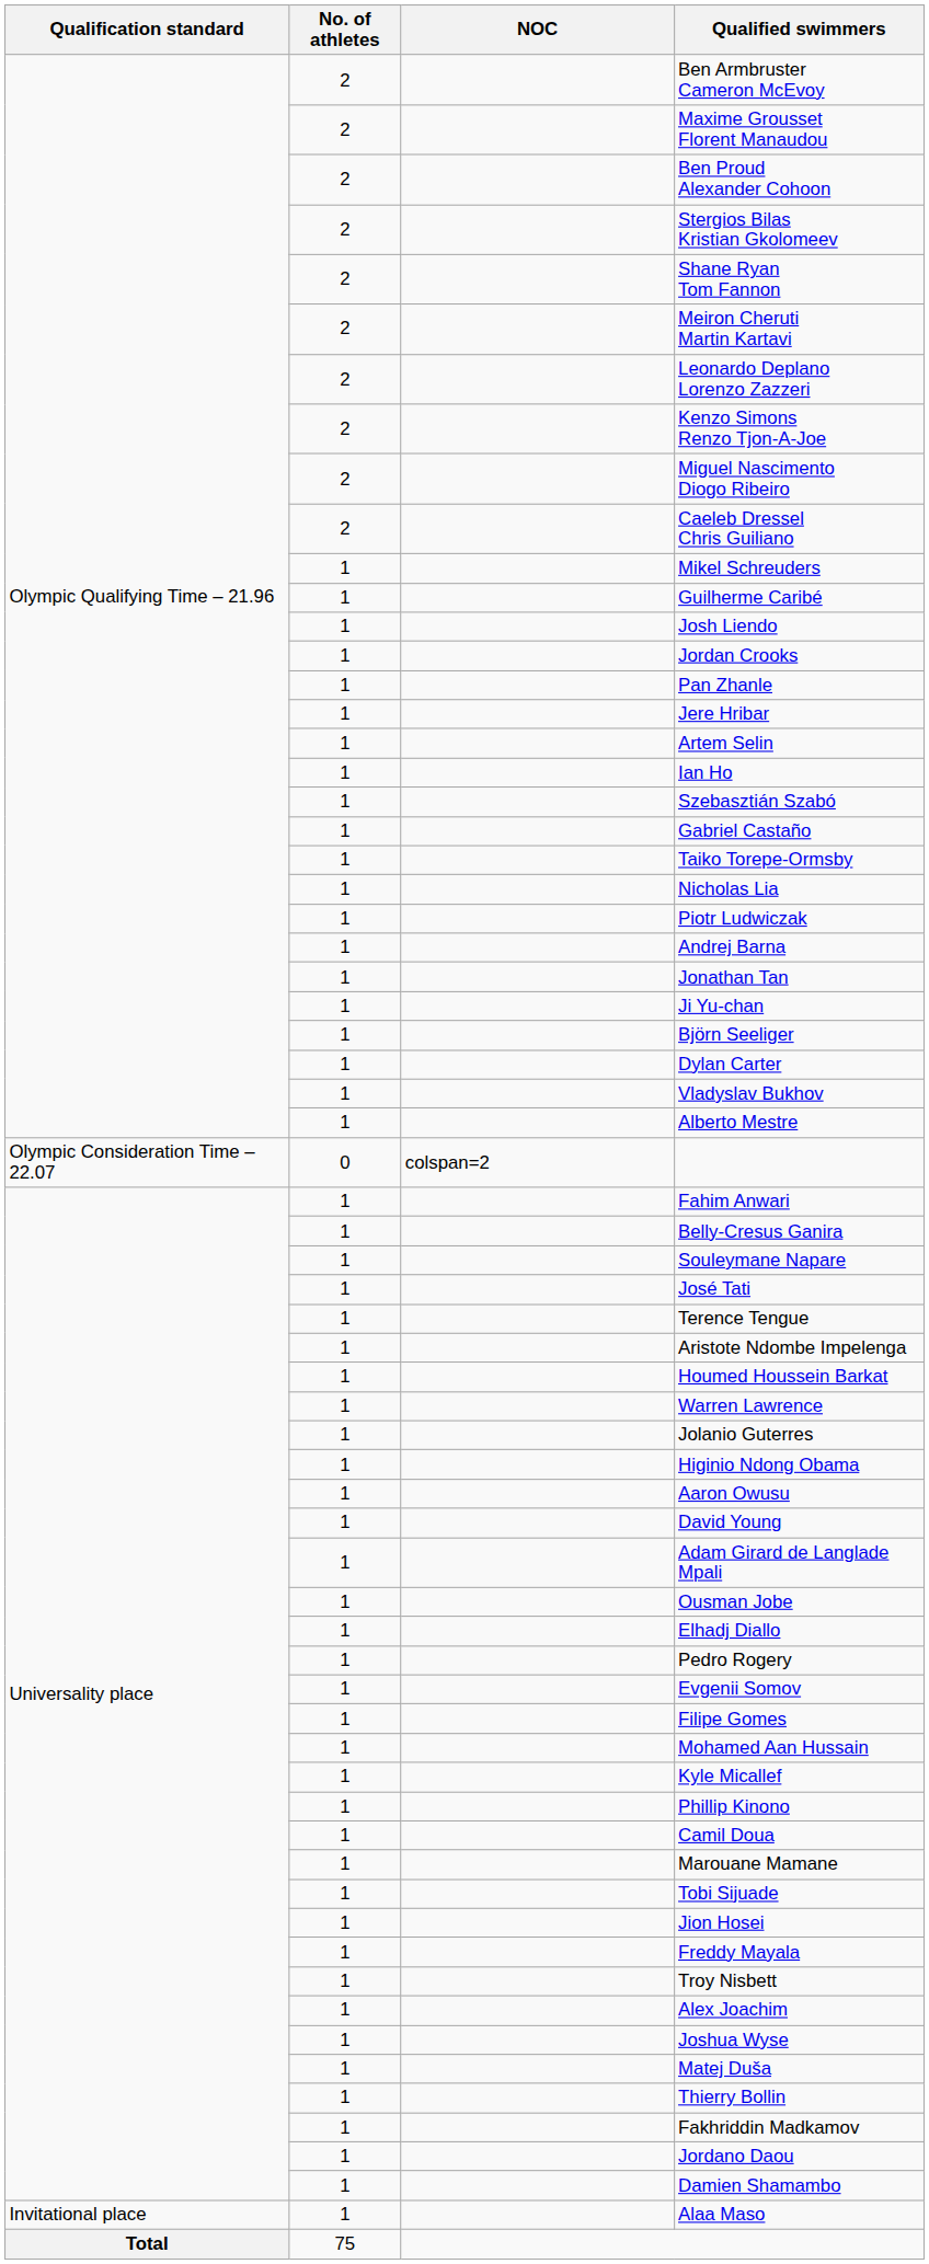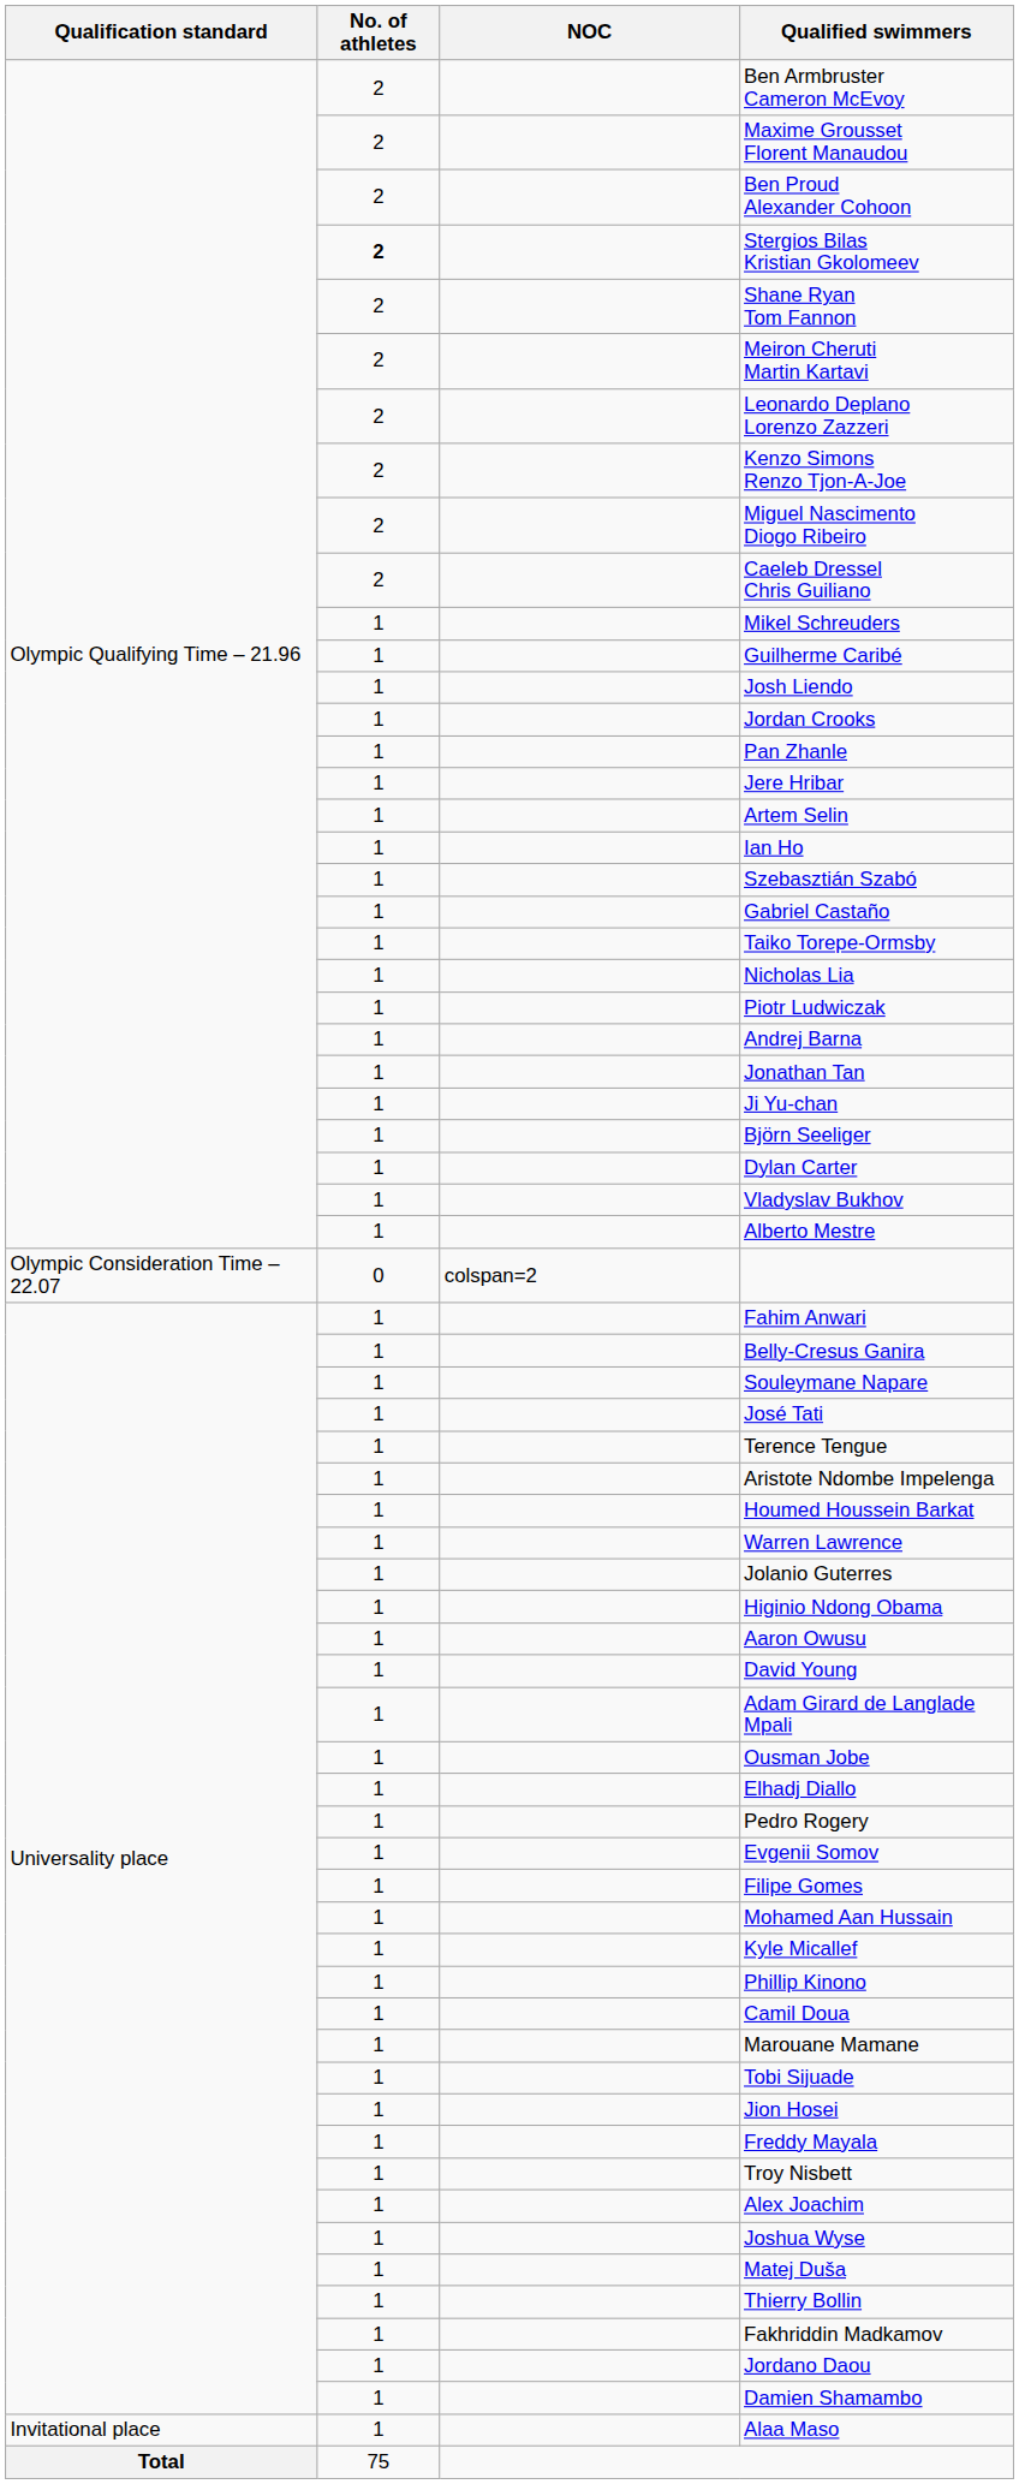 <table class=wikitable style="text-align:left" width=800>
 <tr>
 <th scope="col">Qualification standard</th>
 <th scope="col" width =90>No. of athletes</th>
 <th scope="col" width =230>NOC</th>
 <th scope="col">Qualified swimmers</th>
 </tr>
 <tr>
 <td rowspan=30>Olympic Qualifying Time – 21.96</td>
 <td align=center>2</td>
 <td></td>
 <td>Ben Armbruster<br><a href='#'>Cameron McEvoy</a></td>
 </tr>
 <tr>
 <td align=center>2</td>
 <td></td>
 <td><a href='#'>Maxime Grousset</a><br><a href='#'>Florent Manaudou</a></td>
 </tr>
 <tr>
 <td align=center>2</td>
 <td></td>
 <td><a href='#'>Ben Proud</a><br><a href='#'>Alexander Cohoon</a></td>
 </tr>
 <tr>
-<td align=center>2</td>
+<td align=center><strong>2</strong></td>
 <td></td>
 <td><a href='#'>Stergios Bilas</a><br><a href='#'>Kristian Gkolomeev</a></td>
 </tr>
 <tr>
 <td align=center>2</td>
 <td></td>
 <td><a href='#'>Shane Ryan</a><br><a href='#'>Tom Fannon</a></td>
 </tr>
 <tr>
 <td align=center>2</td>
 <td></td>
 <td><a href='#'>Meiron Cheruti</a><br><a href='#'>Martin Kartavi</a></td>
 </tr>
 <tr>
 <td align=center>2</td>
 <td></td>
 <td><a href='#'>Leonardo Deplano</a><br><a href='#'>Lorenzo Zazzeri</a></td>
 </tr>
 <tr>
 <td align=center>2</td>
 <td></td>
 <td><a href='#'>Kenzo Simons</a><br><a href='#'>Renzo Tjon-A-Joe</a></td>
 </tr>
 <tr>
 <td align=center>2</td>
 <td></td>
 <td><a href='#'>Miguel Nascimento</a><br><a href='#'>Diogo Ribeiro</a></td>
 </tr>
 <tr>
 <td align=center>2</td>
 <td></td>
 <td><a href='#'>Caeleb Dressel</a><br><a href='#'>Chris Guiliano</a></td>
 </tr>
 <tr>
 <td align=center>1</td>
 <td></td>
 <td><a href='#'>Mikel Schreuders</a></td>
 </tr>
 <tr>
 <td align=center>1</td>
 <td></td>
 <td><a href='#'>Guilherme Caribé</a></td>
 </tr>
 <tr>
 <td align=center>1</td>
 <td></td>
 <td><a href='#'>Josh Liendo</a></td>
 </tr>
 <tr>
 <td align=center>1</td>
 <td></td>
 <td><a href='#'>Jordan Crooks</a></td>
 </tr>
 <tr>
 <td align=center>1</td>
 <td></td>
 <td><a href='#'>Pan Zhanle</a></td>
 </tr>
 <tr>
 <td align=center>1</td>
 <td></td>
 <td><a href='#'>Jere Hribar</a></td>
 </tr>
 <tr>
 <td align=center>1</td>
 <td></td>
 <td><a href='#'>Artem Selin</a></td>
 </tr>
 <tr>
 <td align=center>1</td>
 <td></td>
 <td><a href='#'>Ian Ho</a></td>
 </tr>
 <tr>
 <td align=center>1</td>
 <td></td>
 <td><a href='#'>Szebasztián Szabó</a></td>
 </tr>
 <tr>
 <td align=center>1</td>
 <td></td>
 <td><a href='#'>Gabriel Castaño</a></td>
 </tr>
 <tr>
 <td align=center>1</td>
 <td></td>
 <td><a href='#'>Taiko Torepe-Ormsby</a></td>
 </tr>
 <tr>
 <td align=center>1</td>
 <td></td>
 <td><a href='#'>Nicholas Lia</a></td>
 </tr>
 <tr>
 <td align=center>1</td>
 <td></td>
 <td><a href='#'>Piotr Ludwiczak</a></td>
 </tr>
 <tr>
 <td align=center>1</td>
 <td></td>
 <td><a href='#'>Andrej Barna</a></td>
 </tr>
 <tr>
 <td align=center>1</td>
 <td></td>
 <td><a href='#'>Jonathan Tan</a></td>
 </tr>
 <tr>
 <td align=center>1</td>
 <td></td>
 <td><a href='#'>Ji Yu-chan</a></td>
 </tr>
 <tr>
 <td align=center>1</td>
 <td></td>
 <td><a href='#'>Björn Seeliger</a></td>
 </tr>
 <tr>
 <td align=center>1</td>
 <td></td>
 <td><a href='#'>Dylan Carter</a></td>
 </tr>
 <tr>
 <td align=center>1</td>
 <td></td>
 <td><a href='#'>Vladyslav Bukhov</a></td>
 </tr>
 <tr>
 <td align=center>1</td>
 <td></td>
 <td><a href='#'>Alberto Mestre</a></td>
 </tr>
 <tr>
 <td>Olympic Consideration Time – 22.07</td>
 <td align=center>0</td>
 <td>colspan=2 </td>
 </tr>
 <tr>
 <td rowspan=34>Universality place</td>
 <td align=center>1</td>
 <td></td>
 <td><a href='#'>Fahim Anwari</a></td>
 </tr>
 <tr>
 <td align=center>1</td>
 <td></td>
 <td><a href='#'>Belly-Cresus Ganira</a></td>
 </tr>
 <tr>
 <td align=center>1</td>
 <td></td>
 <td><a href='#'>Souleymane Napare</a></td>
 </tr>
 <tr>
 <td align=center>1</td>
 <td></td>
 <td><a href='#'>José Tati</a></td>
 </tr>
 <tr>
 <td align=center>1</td>
 <td></td>
 <td>Terence Tengue</td>
 </tr>
 <tr>
 <td align=center>1</td>
 <td></td>
 <td>Aristote Ndombe Impelenga</td>
 </tr>
 <tr>
 <td align=center>1</td>
 <td></td>
 <td><a href='#'>Houmed Houssein Barkat</a></td>
 </tr>
 <tr>
 <td align=center>1</td>
 <td></td>
 <td><a href='#'>Warren Lawrence</a></td>
 </tr>
 <tr>
 <td align=center>1</td>
 <td></td>
 <td>Jolanio Guterres</td>
 </tr>
 <tr>
 <td align=center>1</td>
 <td></td>
 <td><a href='#'>Higinio Ndong Obama</a></td>
 </tr>
 <tr>
 <td align=center>1</td>
 <td></td>
 <td><a href='#'>Aaron Owusu</a></td>
 </tr>
 <tr>
 <td align=center>1</td>
 <td></td>
 <td><a href='#'>David Young</a></td>
 </tr>
 <tr>
 <td align=center>1</td>
 <td></td>
 <td><a href='#'>Adam Girard de Langlade Mpali</a></td>
 </tr>
 <tr>
 <td align=center>1</td>
 <td></td>
 <td><a href='#'>Ousman Jobe</a></td>
 </tr>
 <tr>
 <td align=center>1</td>
 <td></td>
 <td><a href='#'>Elhadj Diallo</a></td>
 </tr>
 <tr>
 <td align=center>1</td>
 <td></td>
 <td>Pedro Rogery</td>
 </tr>
 <tr>
 <td align=center>1</td>
 <td></td>
 <td><a href='#'>Evgenii Somov</a></td>
 </tr>
 <tr>
 <td align=center>1</td>
 <td></td>
 <td><a href='#'>Filipe Gomes</a></td>
 </tr>
 <tr>
 <td align=center>1</td>
 <td></td>
 <td><a href='#'>Mohamed Aan Hussain</a></td>
 </tr>
 <tr>
 <td align=center>1</td>
 <td></td>
 <td><a href='#'>Kyle Micallef</a></td>
 </tr>
 <tr>
 <td align=center>1</td>
 <td></td>
 <td><a href='#'>Phillip Kinono</a></td>
 </tr>
 <tr>
 <td align=center>1</td>
 <td></td>
 <td><a href='#'>Camil Doua</a></td>
 </tr>
 <tr>
 <td align=center>1</td>
 <td></td>
 <td>Marouane Mamane</td>
 </tr>
 <tr>
 <td align=center>1</td>
 <td></td>
 <td><a href='#'>Tobi Sijuade</a></td>
 </tr>
 <tr>
 <td align=center>1</td>
 <td></td>
 <td><a href='#'>Jion Hosei</a></td>
 </tr>
 <tr>
 <td align=center>1</td>
 <td></td>
 <td><a href='#'>Freddy Mayala</a></td>
 </tr>
 <tr>
 <td align=center>1</td>
 <td></td>
 <td>Troy Nisbett</td>
 </tr>
 <tr>
 <td align=center>1</td>
 <td></td>
 <td><a href='#'>Alex Joachim</a></td>
 </tr>
 <tr>
 <td align=center>1</td>
 <td></td>
 <td><a href='#'>Joshua Wyse</a></td>
 </tr>
 <tr>
 <td align=center>1</td>
 <td></td>
 <td><a href='#'>Matej Duša</a></td>
 </tr>
 <tr>
 <td align=center>1</td>
 <td></td>
 <td><a href='#'>Thierry Bollin</a></td>
 </tr>
 <tr>
 <td align=center>1</td>
 <td></td>
 <td>Fakhriddin Madkamov</td>
 </tr>
 <tr>
 <td align=center>1</td>
 <td></td>
 <td><a href='#'>Jordano Daou</a></td>
 </tr>
 <tr>
 <td align=center>1</td>
 <td></td>
 <td><a href='#'>Damien Shamambo</a></td>
 </tr>
 <tr>
 <td>Invitational place</td>
 <td align=center>1</td>
 <td></td>
 <td><a href='#'>Alaa Maso</a></td>
 </tr>
 <tr>
 <th scope="row">Total</th>
 <td align=center>75</td>
 <td colspan=2></td>
 </tr>
 </table>
